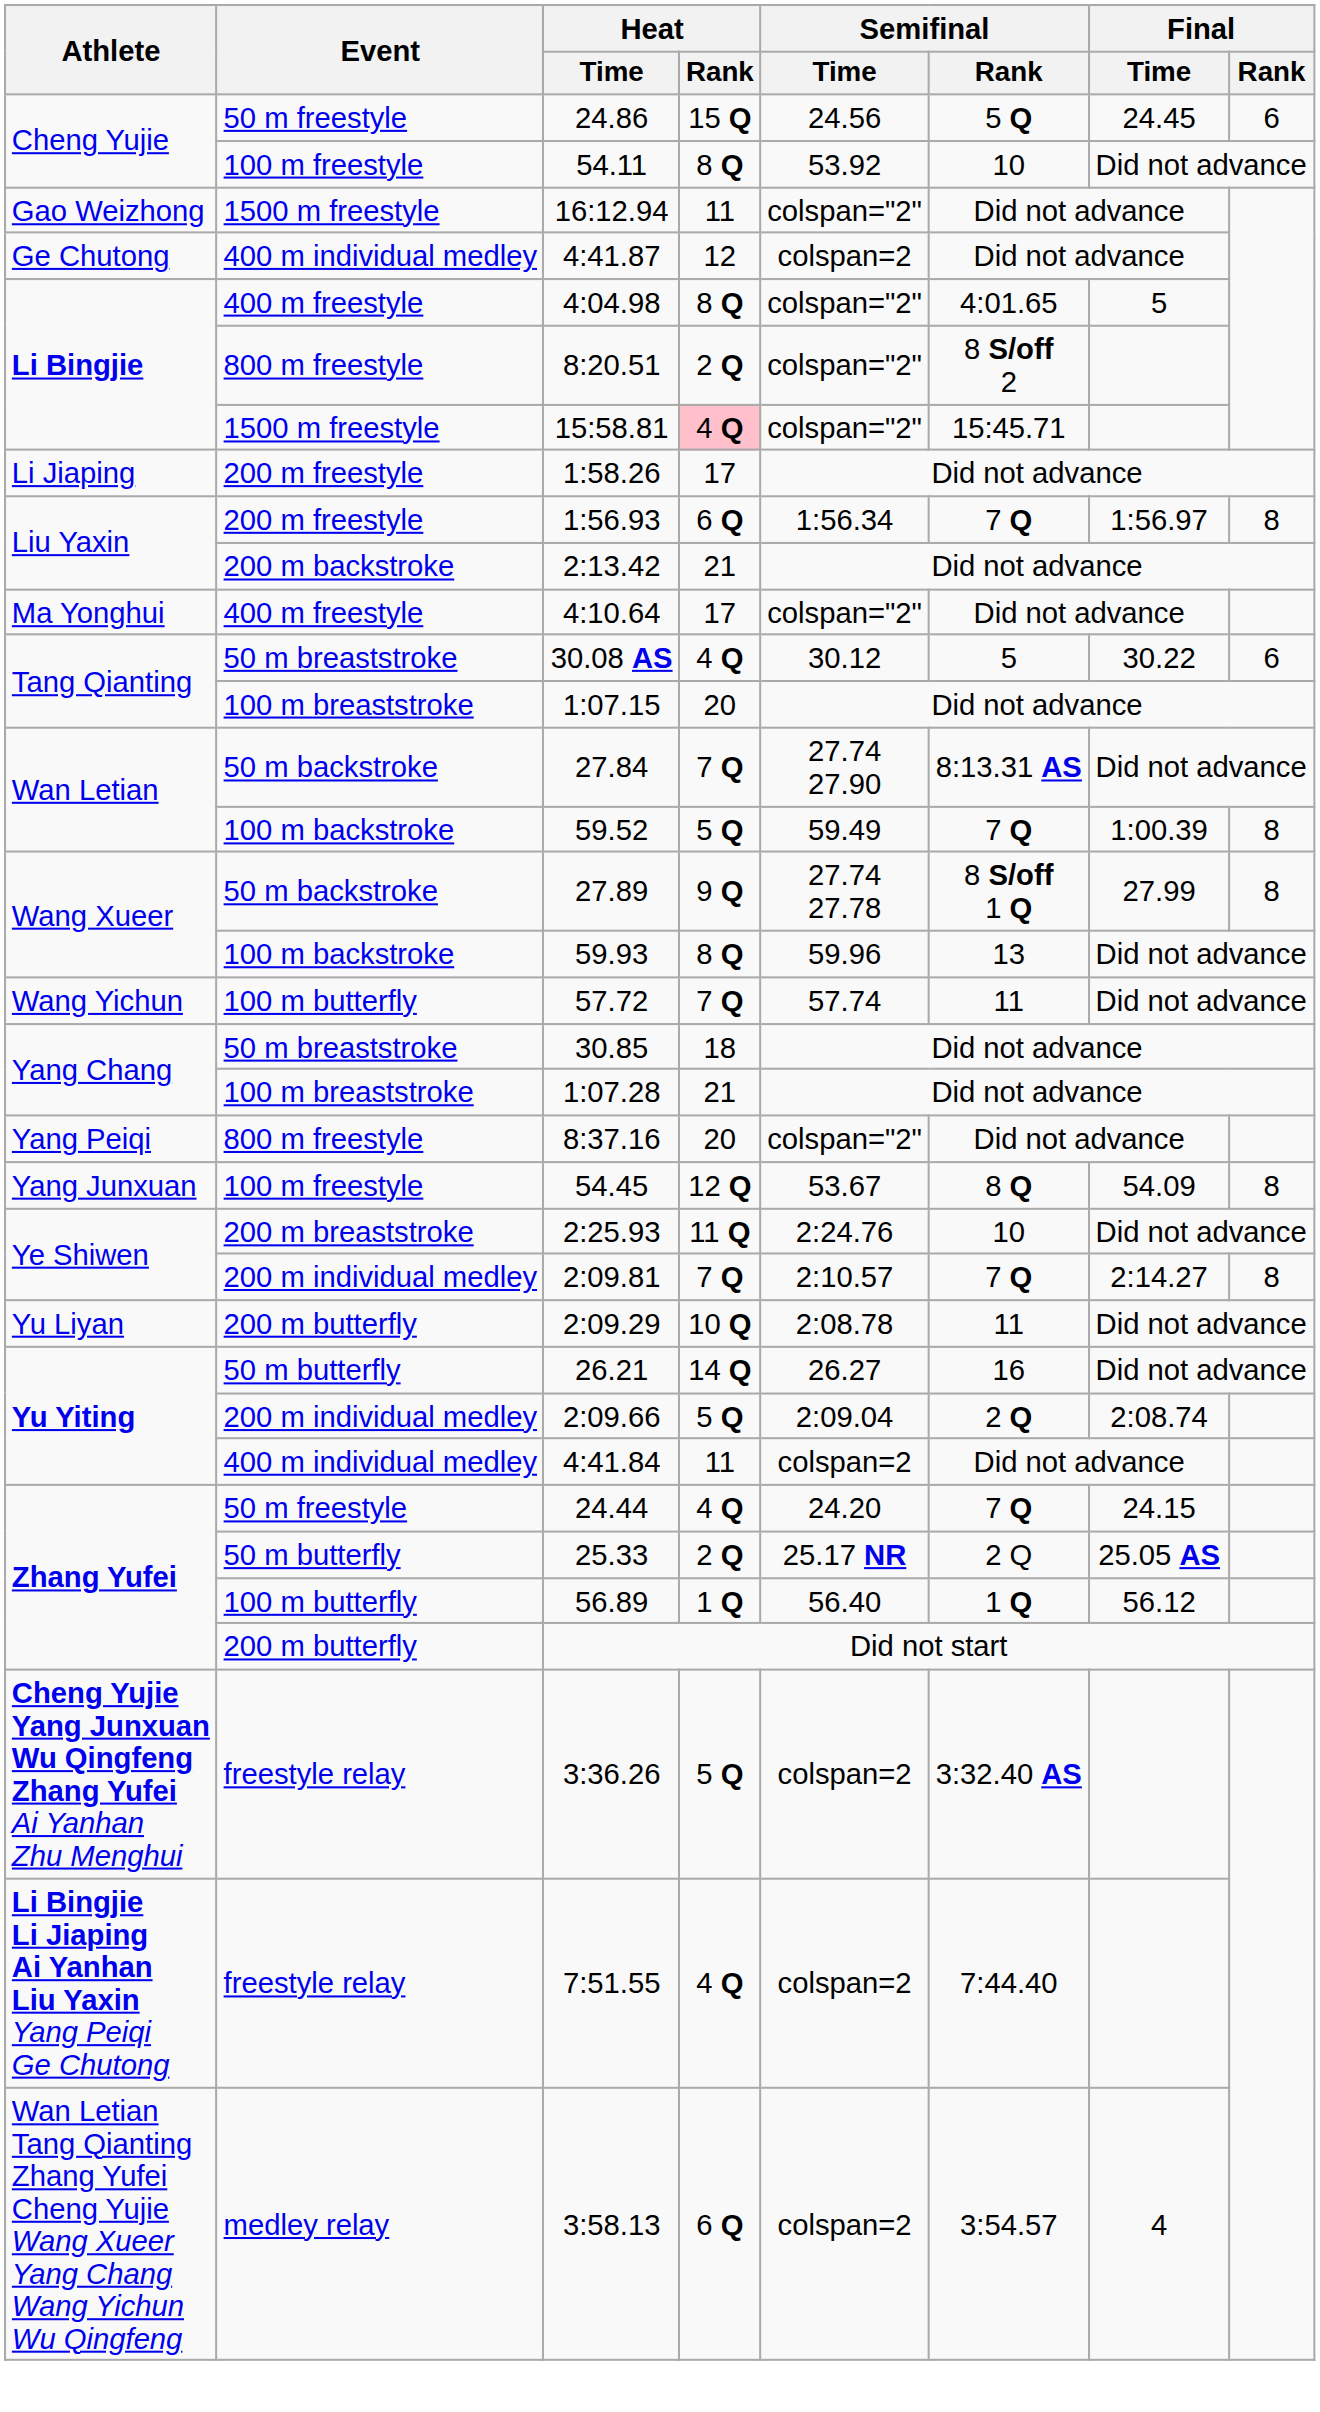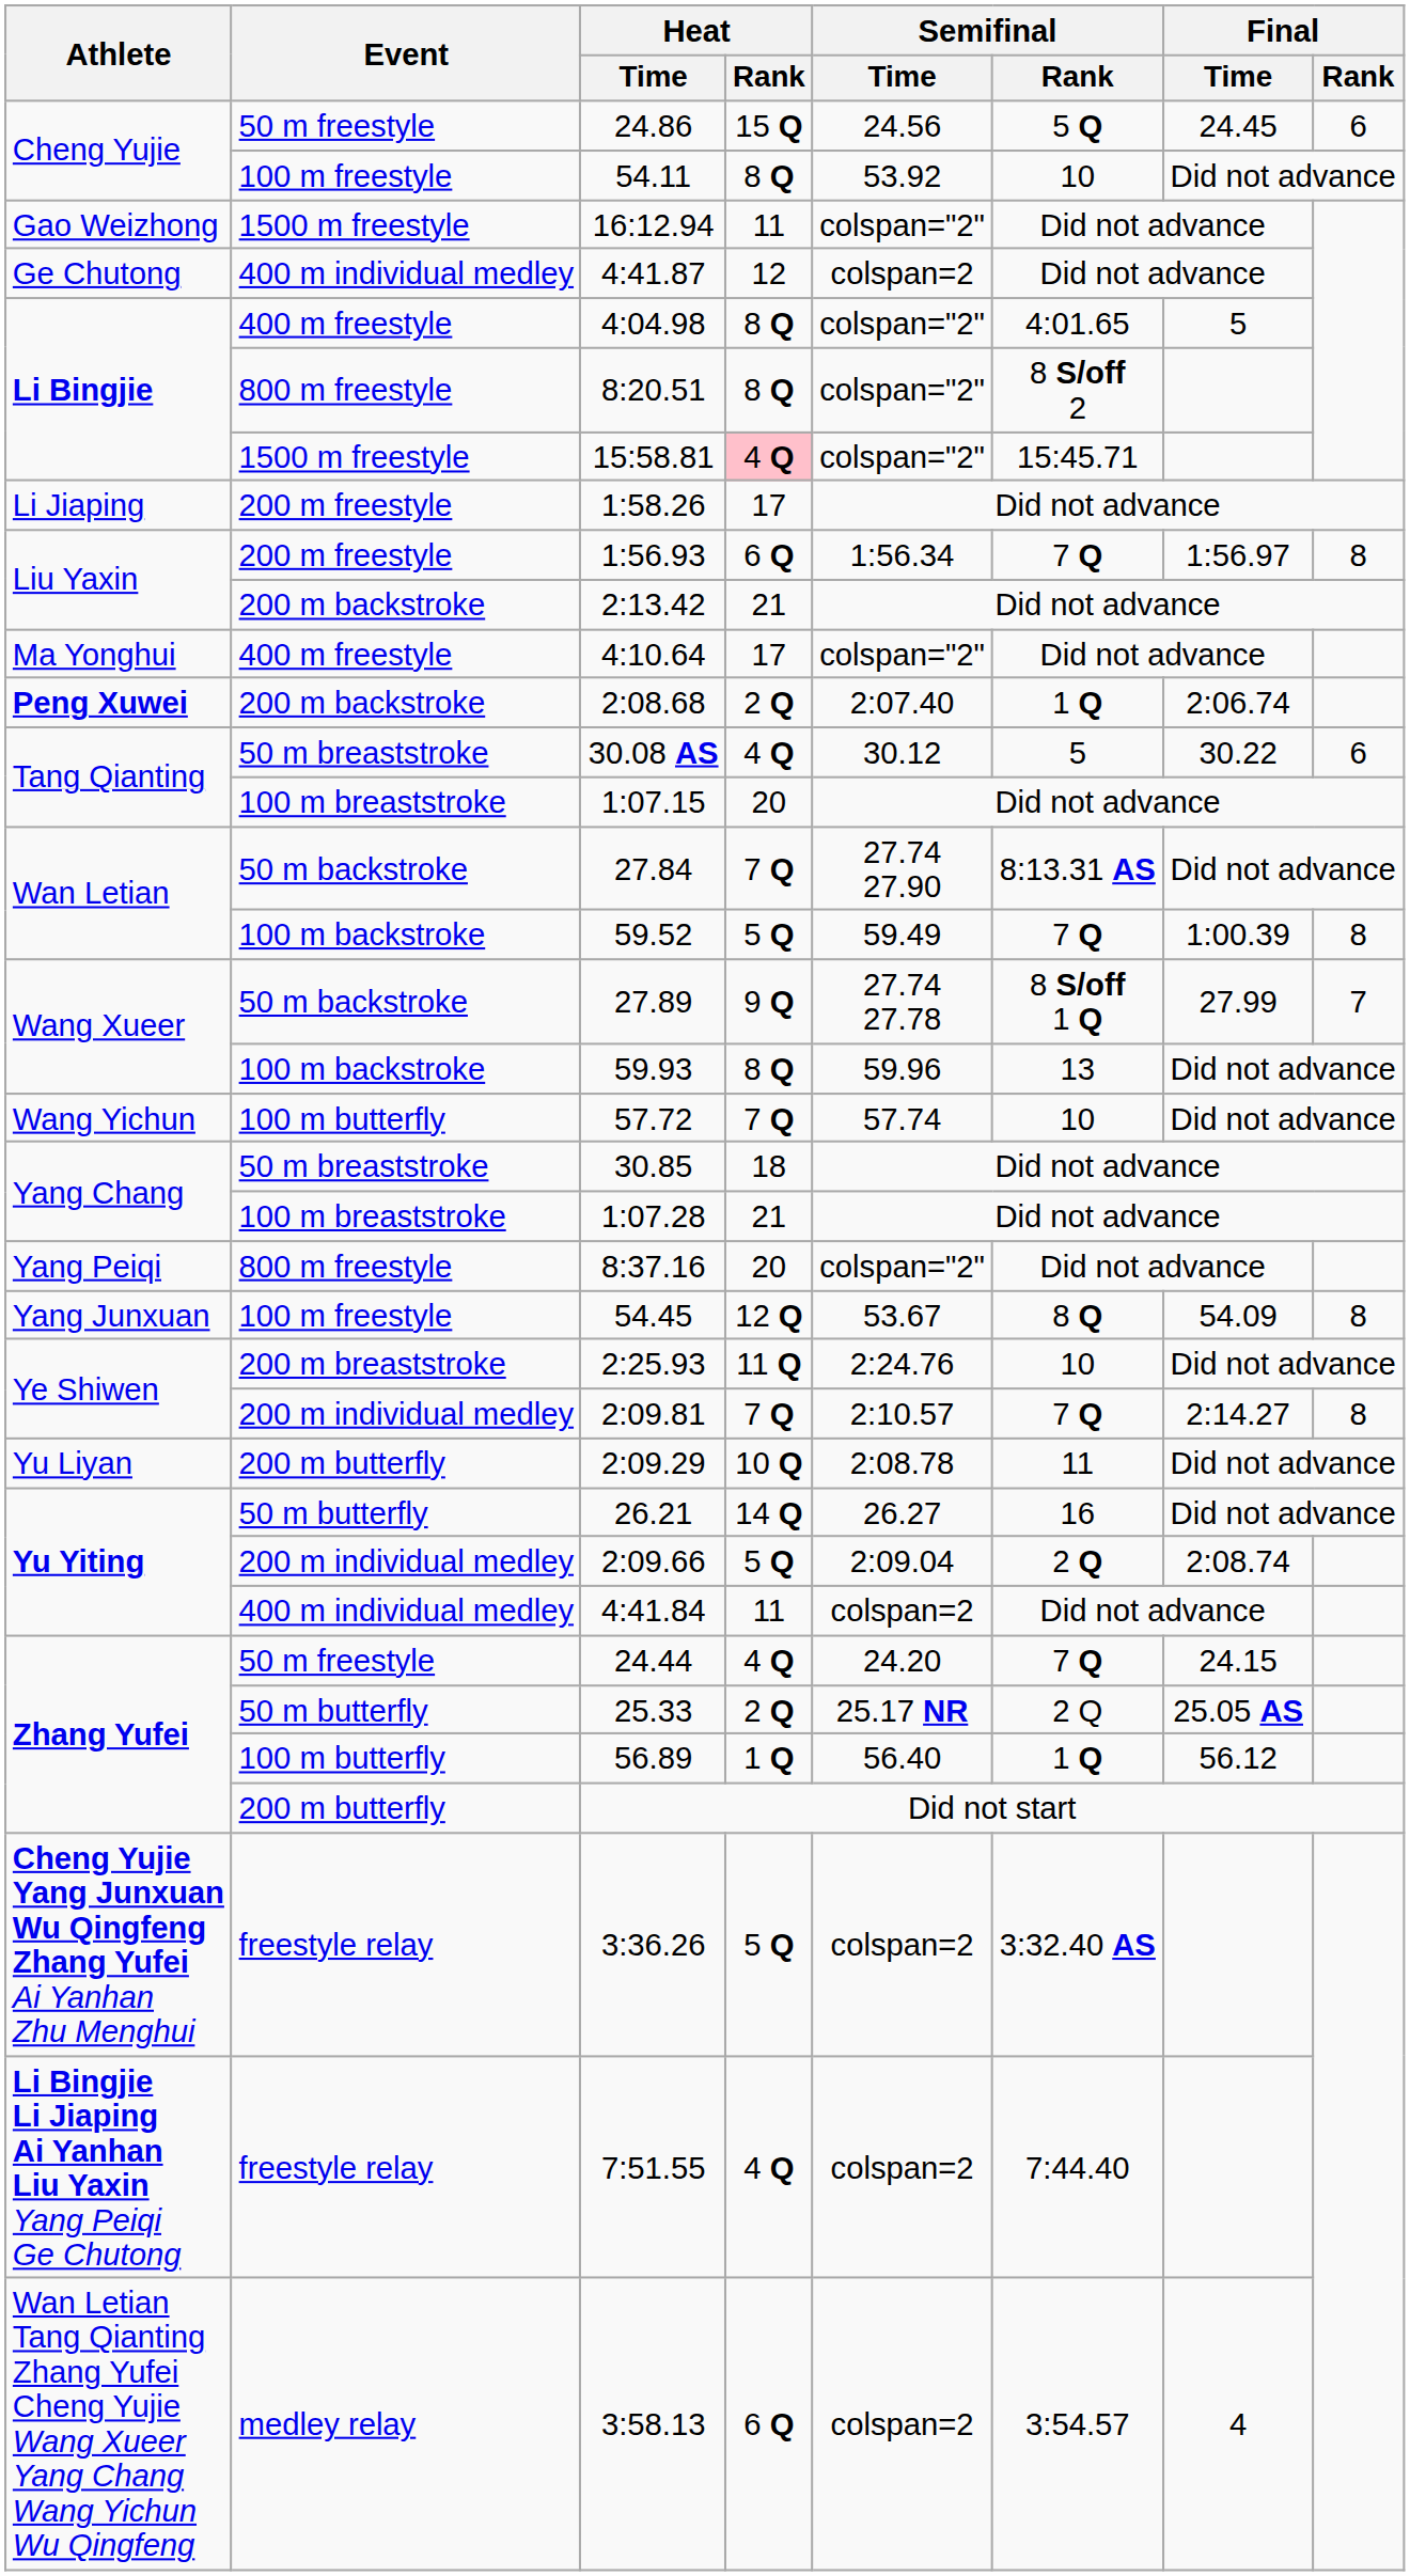 <table class="wikitable" style="text-align:center; font-size:90%;">
 <tr>
 <th rowspan="2">Athlete</th>
 <th rowspan="2">Event</th>
 <th colspan="2">Heat</th>
 <th colspan="2">Semifinal</th>
 <th colspan="2">Final</th>
 </tr>
 <tr style="font-size:95%">
 <th>Time</th>
 <th>Rank</th>
 <th>Time</th>
 <th>Rank</th>
 <th>Time</th>
 <th>Rank</th>
 </tr>
 <tr>
 <td align=left rowspan=2><a href='#'>Cheng Yujie</a></td>
 <td align=left><a href='#'>50 m freestyle</a></td>
 <td>24.86</td>
 <td>15 <strong>Q</strong></td>
 <td>24.56</td>
 <td>5 <strong>Q</strong></td>
 <td>24.45</td>
 <td>6</td>
 </tr>
 <tr>
 <td align=left><a href='#'>100 m freestyle</a></td>
 <td>54.11</td>
 <td>8 <strong>Q</strong></td>
 <td>53.92</td>
 <td>10</td>
 <td colspan="2">Did not advance</td>
 </tr>
 <tr>
 <td align=left><a href='#'>Gao Weizhong</a></td>
 <td align=left><a href='#'>1500 m freestyle</a></td>
 <td>16:12.94</td>
 <td>11</td>
 <td>colspan="2" </td>
 <td colspan="2">Did not advance</td>
 </tr>
 <tr>
 <td align=left><a href='#'>Ge Chutong</a></td>
 <td align=left><a href='#'>400 m individual medley</a></td>
 <td>4:41.87</td>
 <td>12</td>
 <td>colspan=2 </td>
 <td colspan=2>Did not advance</td>
 </tr>
 <tr>
 <td align=left rowspan=3><strong><a href='#'>Li Bingjie</a></strong></td>
 <td align=left><a href='#'>400 m freestyle</a></td>
 <td>4:04.98</td>
 <td>8 <strong>Q</strong></td>
 <td>colspan="2" </td>
 <td>4:01.65</td>
 <td>5</td>
 </tr>
 <tr>
 <td align=left><a href='#'>800 m freestyle</a></td>
 <td>8:20.51</td>
-<td>2 <strong>Q</strong></td>
+<td>8 <strong>Q</strong></td>
 <td>colspan="2" </td>
 <td>8 <strong>S/off</strong><br>2</td>
 <td></td>
 </tr>
 <tr>
 <td align=left><a href='#'>1500 m freestyle</a></td>
 <td>15:58.81</td>
 <td style="background: pink;">4 <strong>Q</strong></td>
 <td>colspan="2" </td>
 <td>15:45.71</td>
 <td></td>
 </tr>
 <tr>
 <td align=left><a href='#'>Li Jiaping</a></td>
 <td align=left><a href='#'>200 m freestyle</a></td>
 <td>1:58.26</td>
 <td>17</td>
 <td colspan=4>Did not advance</td>
 </tr>
 <tr>
 <td align=left rowspan=2><a href='#'>Liu Yaxin</a></td>
 <td align=left><a href='#'>200 m freestyle</a></td>
 <td>1:56.93</td>
 <td>6 <strong>Q</strong></td>
 <td>1:56.34</td>
 <td>7 <strong>Q</strong></td>
 <td>1:56.97</td>
 <td>8</td>
 </tr>
 <tr>
 <td align=left><a href='#'>200 m backstroke</a></td>
 <td>2:13.42</td>
 <td>21</td>
 <td colspan=4>Did not advance</td>
 </tr>
 <tr>
 <td align=left><a href='#'>Ma Yonghui</a></td>
 <td align=left><a href='#'>400 m freestyle</a></td>
 <td>4:10.64</td>
 <td>17</td>
 <td>colspan="2" </td>
 <td colspan="2">Did not advance</td>
 </tr>
 <tr>
+<td align=left><strong><a href='#'>Peng Xuwei</a></strong></td>
+<td align=left><a href='#'>200 m backstroke</a></td>
+<td>2:08.68</td>
+<td>2 <strong>Q</strong></td>
+<td>2:07.40</td>
+<td>1 <strong>Q</strong></td>
+<td>2:06.74</td>
+<td></td>
+</tr>
+<tr>
 <td align=left rowspan=2><a href='#'>Tang Qianting</a></td>
 <td align=left><a href='#'>50 m breaststroke</a></td>
 <td>30.08 <strong><a href='#'>AS</a></strong></td>
 <td>4 <strong>Q</strong></td>
 <td>30.12</td>
 <td>5</td>
 <td>30.22</td>
 <td>6</td>
 </tr>
 <tr>
 <td align=left><a href='#'>100 m breaststroke</a></td>
 <td>1:07.15</td>
 <td>20</td>
 <td colspan=4>Did not advance</td>
 </tr>
 <tr>
 <td align=left rowspan=2><a href='#'>Wan Letian</a></td>
 <td align=left><a href='#'>50 m backstroke</a></td>
 <td>27.84</td>
 <td>7 <strong>Q</strong></td>
 <td>27.74<br>27.90</td>
 <td>8:13.31 <strong><a href='#'>AS</a></strong></td>
 <td colspan=2>Did not advance</td>
 </tr>
 <tr>
 <td align=left><a href='#'>100 m backstroke</a></td>
 <td>59.52</td>
 <td>5 <strong>Q</strong></td>
 <td>59.49</td>
 <td>7 <strong>Q</strong></td>
 <td>1:00.39</td>
 <td>8</td>
 </tr>
 <tr>
 <td align=left rowspan=2><a href='#'>Wang Xueer</a></td>
 <td align=left><a href='#'>50 m backstroke</a></td>
 <td>27.89</td>
 <td>9 <strong>Q</strong></td>
 <td>27.74 <br> 27.78</td>
 <td>8 <strong>S/off</strong><br>1 <strong>Q</strong></td>
 <td>27.99</td>
-<td>8</td>
+<td>7</td>
 </tr>
 <tr>
 <td align=left><a href='#'>100 m backstroke</a></td>
 <td>59.93</td>
 <td>8 <strong>Q</strong></td>
 <td>59.96</td>
 <td>13</td>
 <td colspan="2">Did not advance</td>
 </tr>
 <tr>
 <td align=left><a href='#'>Wang Yichun</a></td>
 <td align=left><a href='#'>100 m butterfly</a></td>
 <td>57.72</td>
 <td>7 <strong>Q</strong></td>
 <td>57.74</td>
-<td>11</td>
+<td>10</td>
 <td colspan="2">Did not advance</td>
 </tr>
 <tr>
 <td align=left rowspan=2><a href='#'>Yang Chang</a></td>
 <td align=left><a href='#'>50 m breaststroke</a></td>
 <td>30.85</td>
 <td>18</td>
 <td colspan=4>Did not advance</td>
 </tr>
 <tr>
 <td align=left><a href='#'>100 m breaststroke</a></td>
 <td>1:07.28</td>
 <td>21</td>
 <td colspan=4>Did not advance</td>
 </tr>
 <tr>
 <td align=left><a href='#'>Yang Peiqi</a></td>
 <td align=left><a href='#'>800 m freestyle</a></td>
 <td>8:37.16</td>
 <td>20</td>
 <td>colspan="2" </td>
 <td colspan="2">Did not advance</td>
 </tr>
 <tr>
 <td align=left><a href='#'>Yang Junxuan</a></td>
 <td align=left><a href='#'>100 m freestyle</a></td>
 <td>54.45</td>
 <td>12 <strong>Q</strong></td>
 <td>53.67</td>
 <td>8 <strong>Q</strong></td>
 <td>54.09</td>
 <td>8</td>
 </tr>
 <tr>
 <td align=left rowspan=2><a href='#'>Ye Shiwen</a></td>
 <td align=left><a href='#'>200 m breaststroke</a></td>
 <td>2:25.93</td>
 <td>11 <strong>Q</strong></td>
 <td>2:24.76</td>
 <td>10</td>
 <td colspan=2>Did not advance</td>
 </tr>
 <tr>
 <td align=left><a href='#'>200 m individual medley</a></td>
 <td>2:09.81</td>
 <td>7 <strong>Q</strong></td>
 <td>2:10.57</td>
 <td>7 <strong>Q</strong></td>
 <td>2:14.27</td>
 <td>8</td>
 </tr>
 <tr>
 <td align=left><a href='#'>Yu Liyan</a></td>
 <td align=left><a href='#'>200 m butterfly</a></td>
 <td>2:09.29</td>
 <td>10 <strong>Q</strong></td>
 <td>2:08.78</td>
 <td>11</td>
 <td colspan="2">Did not advance</td>
 </tr>
 <tr>
 <td align=left rowspan=3><strong><a href='#'>Yu Yiting</a></strong></td>
 <td align=left><a href='#'>50 m butterfly</a></td>
 <td>26.21</td>
 <td>14 <strong>Q</strong></td>
 <td>26.27</td>
 <td>16</td>
 <td colspan="2">Did not advance</td>
 </tr>
 <tr>
 <td align=left><a href='#'>200 m individual medley</a></td>
 <td>2:09.66</td>
 <td>5 <strong>Q</strong></td>
 <td>2:09.04</td>
 <td>2 <strong>Q</strong></td>
 <td>2:08.74</td>
 <td></td>
 </tr>
 <tr>
 <td align=left><a href='#'>400 m individual medley</a></td>
 <td>4:41.84</td>
 <td>11</td>
 <td>colspan=2 </td>
 <td colspan=2>Did not advance</td>
 </tr>
 <tr>
 <td align=left rowspan=4><strong><a href='#'>Zhang Yufei</a></strong></td>
 <td align=left><a href='#'>50 m freestyle</a></td>
 <td>24.44</td>
 <td>4 <strong>Q</strong></td>
 <td>24.20</td>
 <td>7 <strong>Q</strong></td>
 <td>24.15</td>
 <td></td>
 </tr>
 <tr>
 <td align=left><a href='#'>50 m butterfly</a></td>
 <td>25.33</td>
 <td>2 <strong>Q</strong></td>
 <td>25.17 <strong><a href='#'>NR</a></strong></td>
 <td>2 Q</td>
 <td>25.05 <strong><a href='#'>AS</a></strong></td>
 <td></td>
 </tr>
 <tr>
 <td align=left><a href='#'>100 m butterfly</a></td>
 <td>56.89</td>
 <td>1 <strong>Q</strong></td>
 <td>56.40</td>
 <td>1 <strong>Q</strong></td>
 <td>56.12</td>
 <td></td>
 </tr>
 <tr>
 <td align=left><a href='#'>200 m butterfly</a></td>
 <td colspan="6">Did not start</td>
 </tr>
 <tr>
 <td align=left><strong><a href='#'>Cheng Yujie</a><br> <a href='#'>Yang Junxuan</a><br> <a href='#'>Wu Qingfeng</a><br> <a href='#'>Zhang Yufei</a></strong><br> <em><a href='#'>Ai Yanhan</a></em><br> <em><a href='#'>Zhu Menghui</a></em></td>
 <td align=left><a href='#'> freestyle relay</a></td>
 <td>3:36.26</td>
 <td>5 <strong>Q</strong></td>
 <td>colspan=2 </td>
 <td>3:32.40 <strong><a href='#'>AS</a></strong></td>
 <td></td>
 </tr>
 <tr>
 <td align=left><strong><a href='#'>Li Bingjie</a><br><a href='#'>Li Jiaping</a><br><a href='#'>Ai Yanhan</a><br><a href='#'>Liu Yaxin</a></strong><br><em><a href='#'>Yang Peiqi</a><br><a href='#'>Ge Chutong</a></em></td>
 <td align=left><a href='#'> freestyle relay</a></td>
 <td>7:51.55</td>
 <td>4 <strong>Q</strong></td>
 <td>colspan=2 </td>
 <td>7:44.40</td>
 <td></td>
 </tr>
 <tr>
 <td align=left><a href='#'>Wan Letian</a> <br><a href='#'>Tang Qianting</a> <br><a href='#'>Zhang Yufei</a> <br><a href='#'>Cheng Yujie</a><br><em><a href='#'>Wang Xueer</a><br><a href='#'>Yang Chang</a> <br><a href='#'>Wang Yichun</a> <br><a href='#'>Wu Qingfeng</a></em></td>
 <td align=left><a href='#'> medley relay</a></td>
 <td>3:58.13</td>
 <td>6 <strong>Q</strong></td>
 <td>colspan=2 </td>
 <td>3:54.57</td>
 <td>4</td>
 </tr>
 </table>
